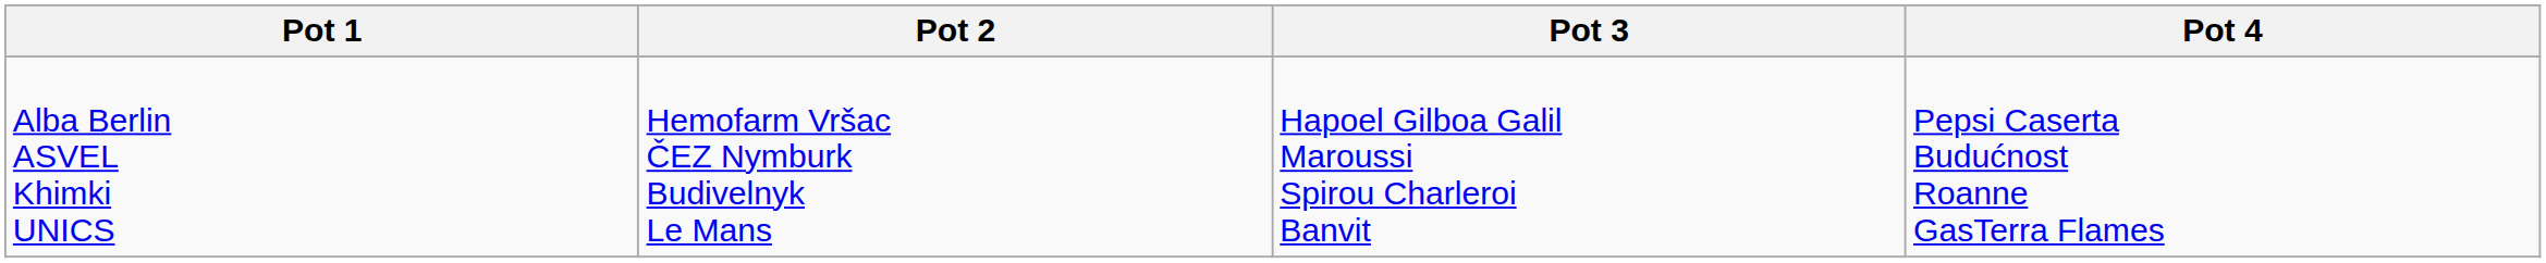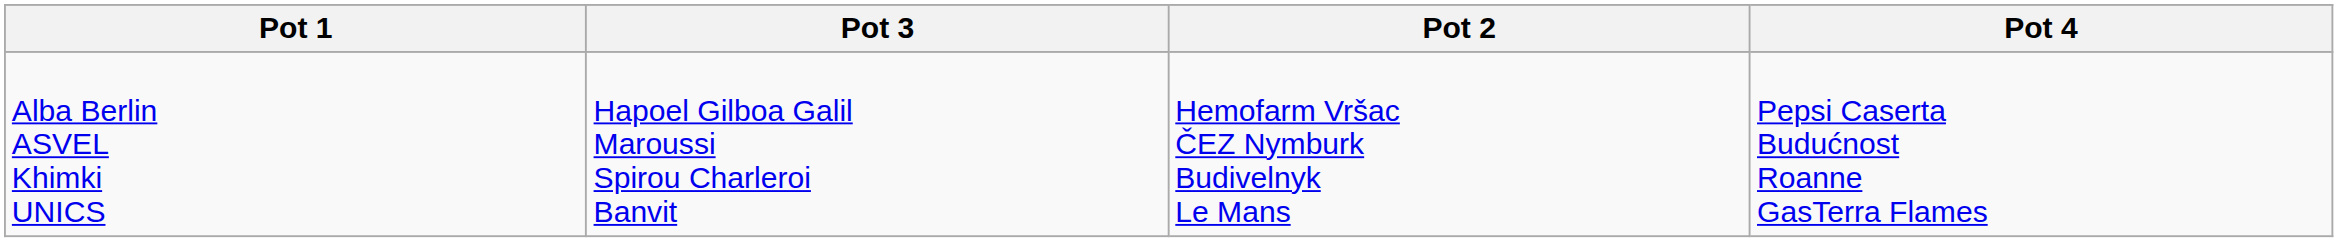 <table class="wikitable" width=98%>
 <tr>
 <th width=25%><strong>Pot 1</strong></th>
+<th width=25%><strong>Pot 3</strong></th>
 <th width=25%><strong>Pot 2</strong></th>
-<th width=25%><strong>Pot 3</strong></th>
 <th width=25%><strong>Pot 4</strong></th>
 </tr>
 <tr>
 <td><br> <a href='#'>Alba Berlin</a> <br>  <a href='#'>ASVEL</a><br>   <a href='#'>Khimki</a><br>  <a href='#'>UNICS</a></td>
+<td><br> <a href='#'>Hapoel Gilboa Galil</a><br>   <a href='#'>Maroussi</a><br>   <a href='#'>Spirou Charleroi</a><br>   <a href='#'>Banvit</a></td>
 <td><br> <a href='#'>Hemofarm Vršac</a><br>   <a href='#'>ČEZ Nymburk</a><br>   <a href='#'>Budivelnyk</a><br>   <a href='#'>Le Mans</a></td>
-<td><br> <a href='#'>Hapoel Gilboa Galil</a><br>   <a href='#'>Maroussi</a><br>   <a href='#'>Spirou Charleroi</a><br>   <a href='#'>Banvit</a></td>
 <td><br> <a href='#'>Pepsi Caserta</a><br>   <a href='#'>Budućnost</a> <br>   <a href='#'>Roanne</a><br>   <a href='#'>GasTerra Flames</a></td>
 </tr>
 </table>
